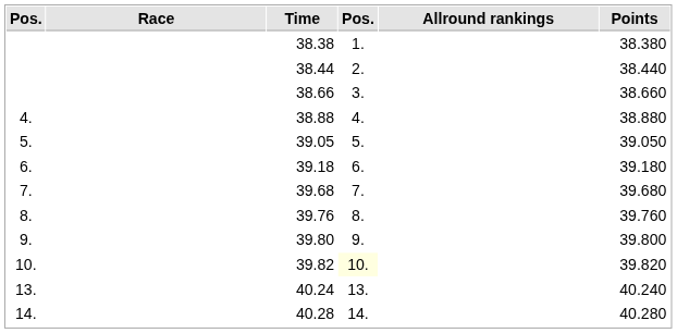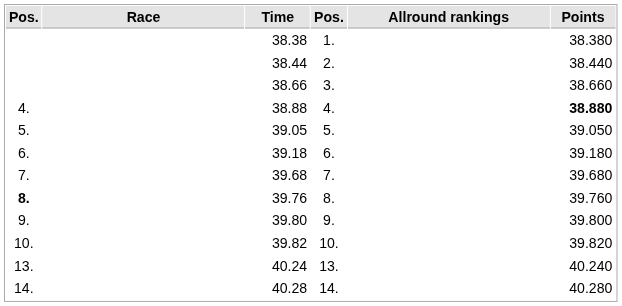 <table cellspacing="1" cellpadding="3" style="border:1px solid #AAAAAA;font-size:90%">
 <tr bgcolor="#E4E4E4">
 <th style="border-bottom:1px solid #AAAAAA" width=10>Pos.</th>
 <th style="border-bottom:1px solid #AAAAAA" width=200>Race</th>
 <th style="border-bottom:1px solid #AAAAAA" width=60>Time</th>
 <th style="border-bottom:1px solid #AAAAAA" width=10>Pos.</th>
 <th style="border-bottom:1px solid #AAAAAA" width=200>Allround rankings</th>
 <th style="border-bottom:1px solid #AAAAAA" width=60>Points</th>
 </tr>
 <tr>
 <td align="center"></td>
 <td></td>
 <td align="right">38.38</td>
 <td align="center">1.</td>
 <td></td>
 <td align="right">38.380</td>
 </tr>
 <tr>
 <td align="center"></td>
 <td></td>
 <td align="right">38.44</td>
 <td align="center">2.</td>
 <td></td>
 <td align="right">38.440</td>
 </tr>
 <tr>
 <td align="center"></td>
 <td></td>
 <td align="right">38.66</td>
 <td align="center">3.</td>
 <td></td>
 <td align="right">38.660</td>
 </tr>
 <tr>
 <td align="center">4.</td>
 <td></td>
 <td align="right">38.88</td>
 <td align="center">4.</td>
 <td></td>
-<td align="right">38.880</td>
+<td align="right"><strong>38.880</strong></td>
 </tr>
 <tr>
 <td align="center">5.</td>
 <td></td>
 <td align="right">39.05</td>
 <td align="center">5.</td>
 <td></td>
 <td align="right">39.050</td>
 </tr>
 <tr>
 <td align="center">6.</td>
 <td></td>
 <td align="right">39.18</td>
 <td align="center">6.</td>
 <td></td>
 <td align="right">39.180</td>
 </tr>
 <tr>
 <td align="center">7.</td>
 <td></td>
 <td align="right">39.68</td>
 <td align="center">7.</td>
 <td></td>
 <td align="right">39.680</td>
 </tr>
 <tr>
-<td align="center">8.</td>
+<td align="center"><strong>8.</strong></td>
 <td></td>
 <td align="right">39.76</td>
 <td align="center">8.</td>
 <td></td>
 <td align="right">39.760</td>
 </tr>
 <tr>
 <td align="center">9.</td>
 <td></td>
 <td align="right">39.80</td>
 <td align="center">9.</td>
 <td></td>
 <td align="right">39.800</td>
 </tr>
 <tr>
 <td align="center">10.</td>
 <td></td>
 <td align="right">39.82</td>
-<td align="center" style="background: lightyellow;">10.</td>
+<td align="center">10.</td>
 <td></td>
 <td align="right">39.820</td>
 </tr>
 <tr>
 <td align="center">13.</td>
 <td></td>
 <td align="right">40.24</td>
 <td align="center">13.</td>
 <td></td>
 <td align="right">40.240</td>
 </tr>
 <tr>
 <td align="center">14.</td>
 <td></td>
 <td align="right">40.28</td>
 <td align="center">14.</td>
 <td></td>
 <td align="right">40.280</td>
 </tr>
 <tr>
 </tr>
 </table>
